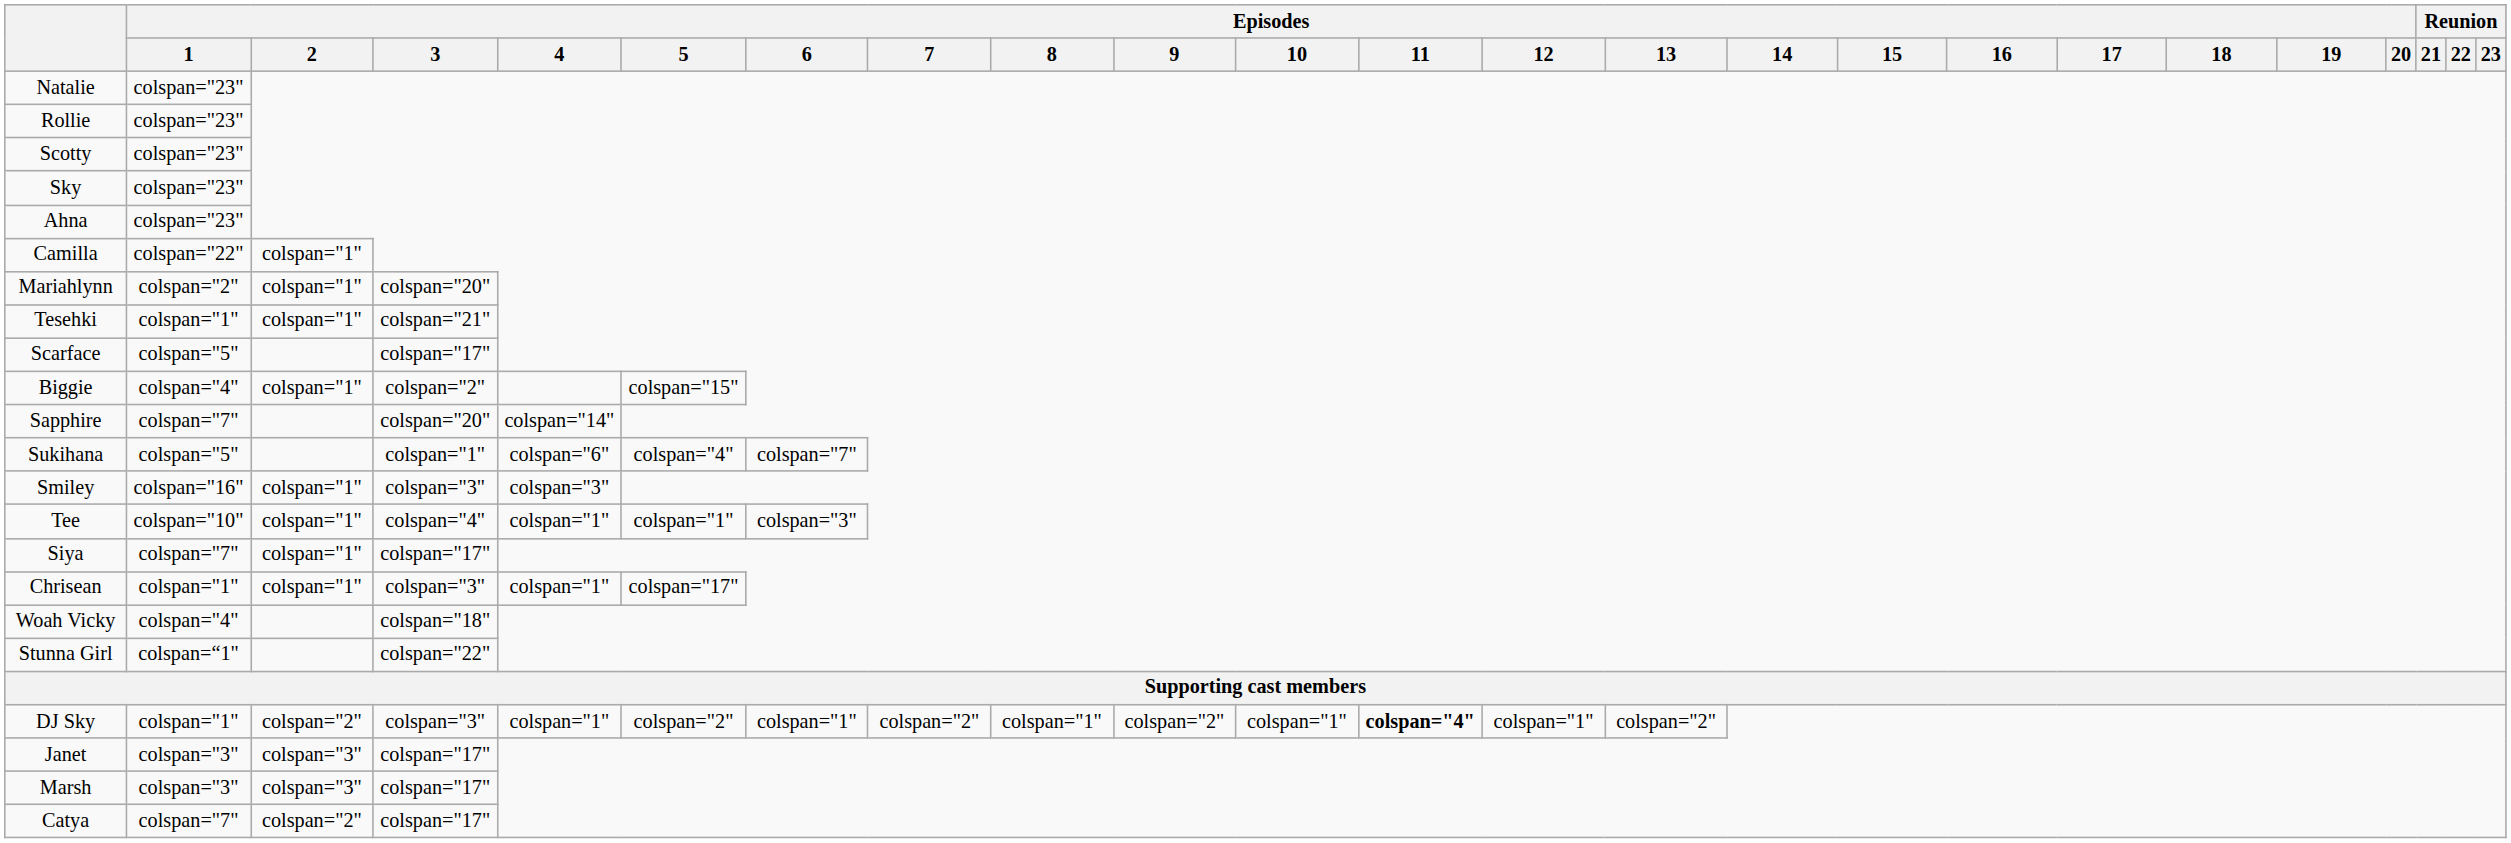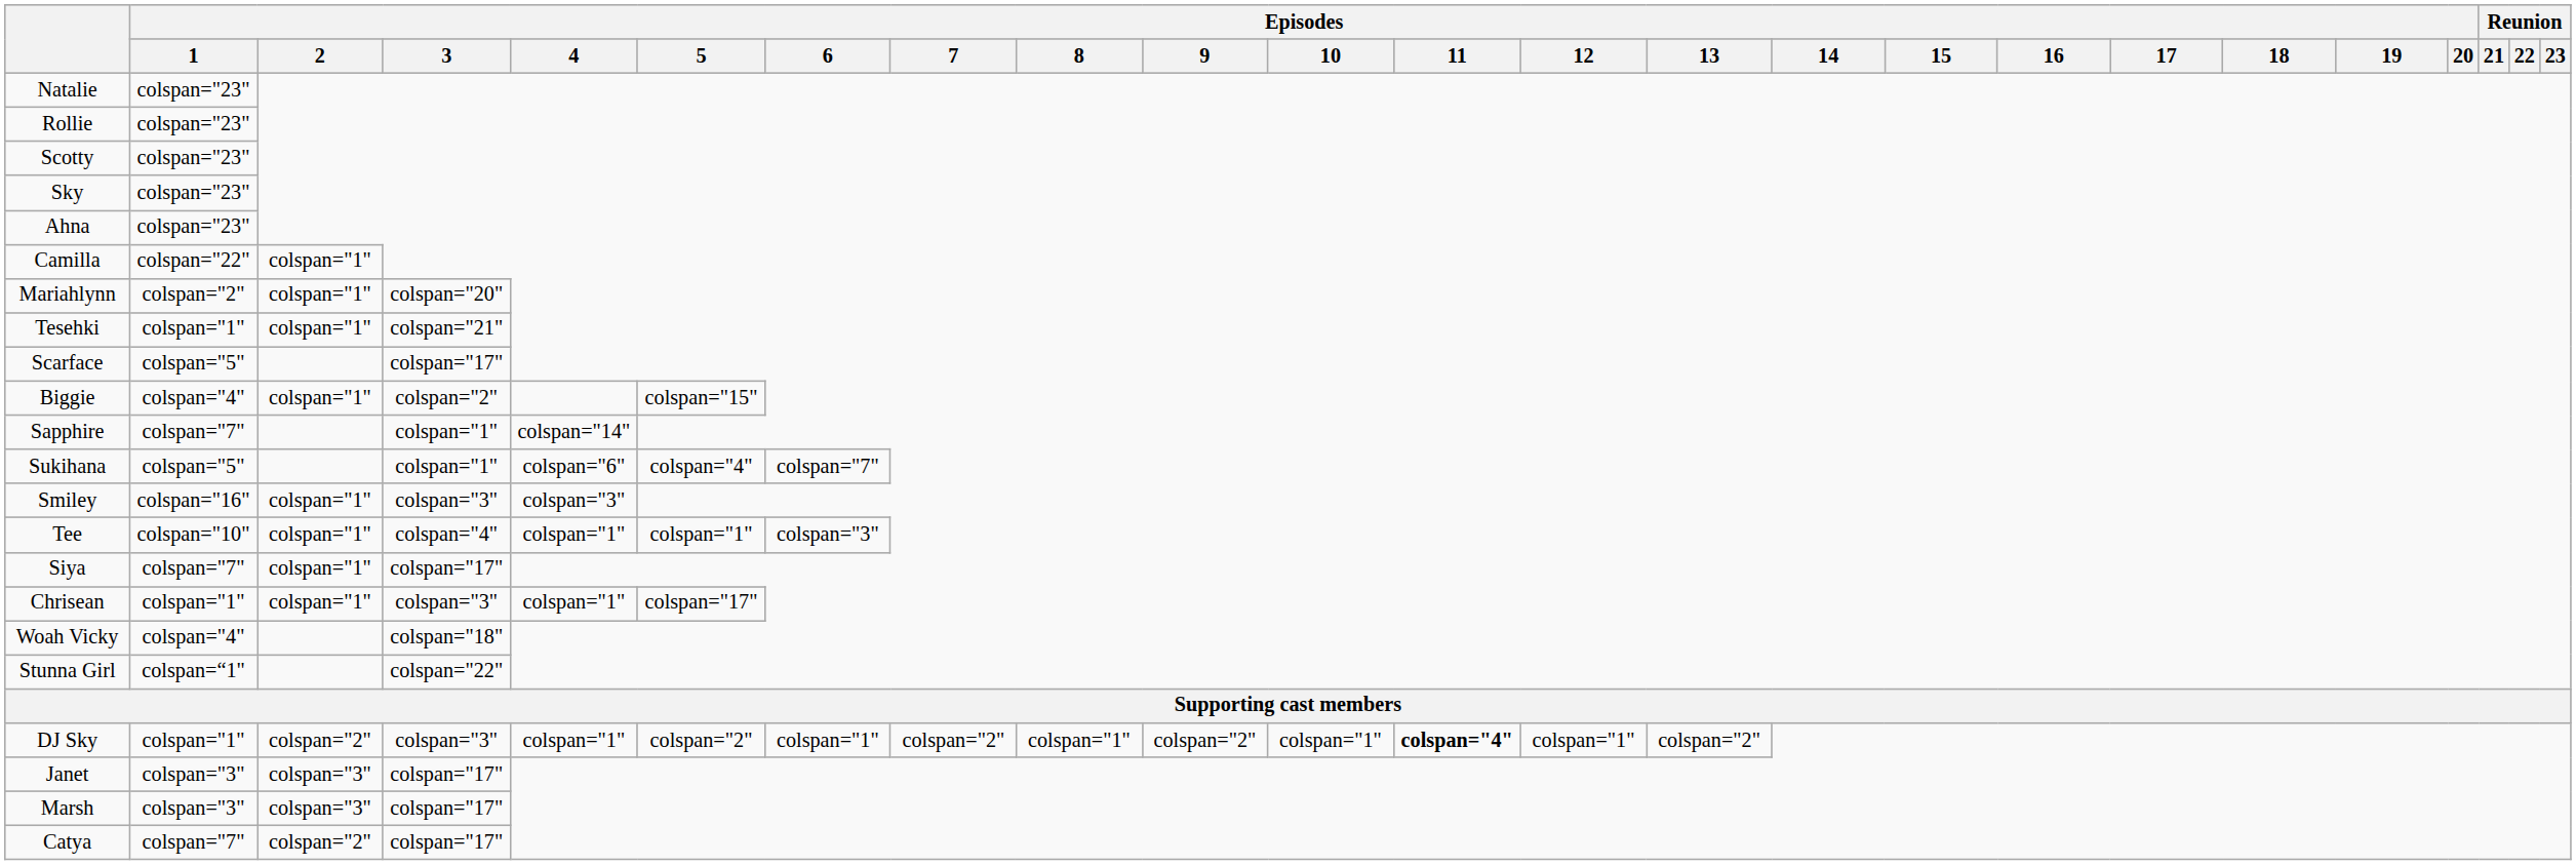 <table class="wikitable plainrowheaders" style="text-align:center; font-size:80%; width:100%">
 <tr>
 <th scope="col" rowspan="2" style="width:5%;"></th>
 <th colspan="20" scope="col">Episodes</th>
 <th scope="col" colspan="3">Reunion</th>
 </tr>
 <tr>
 <th style="width:5%;">1</th>
 <th style="width:5%;">2</th>
 <th style="width:5%;">3</th>
 <th style="width:5%;">4</th>
 <th style="width:5%;">5</th>
 <th style="width:5%;">6</th>
 <th style="width:5%;">7</th>
 <th style="width:5%;">8</th>
 <th style="width:5%;">9</th>
 <th style="width:5%;">10</th>
 <th style="width:5%;">11</th>
 <th style="width:5%;">12</th>
 <th style="width:5%;">13</th>
 <th style="width:5%;">14</th>
 <th style="width:5%;">15</th>
 <th style="width:5%;">16</th>
 <th style="width:5%;">17</th>
 <th style="width:5%;">18</th>
 <th style="width:5%;">19</th>
 <th style="width:5%;">20</th>
 <th style="width:5%;">21</th>
 <th style="width:5%;">22</th>
 <th style="width:5%;">23</th>
 </tr>
 <tr>
 <td scope="row">Natalie</td>
 <td>colspan="23" </td>
 </tr>
 <tr>
 <td scope="row">Rollie</td>
 <td>colspan="23" </td>
 </tr>
 <tr>
 <td scope="row">Scotty</td>
 <td>colspan="23" </td>
 </tr>
 <tr>
 <td scope="row">Sky</td>
 <td>colspan="23" </td>
 </tr>
 <tr>
 <td scope="row">Ahna</td>
 <td>colspan="23" </td>
 </tr>
 <tr>
 <td scope="row">Camilla</td>
 <td>colspan="22" </td>
 <td>colspan="1" </td>
 </tr>
 <tr>
 <td scope="row">Mariahlynn</td>
 <td>colspan="2" </td>
 <td>colspan="1" </td>
 <td>colspan="20" </td>
 </tr>
 <tr>
 <td scope="row">Tesehki</td>
 <td>colspan="1" </td>
 <td>colspan="1" </td>
 <td>colspan="21" </td>
 </tr>
 <tr>
 <td scope="row">Scarface</td>
 <td>colspan="5" </td>
 <td></td>
 <td>colspan="17" </td>
 </tr>
 <tr>
 <td scope="row">Biggie</td>
 <td>colspan="4" </td>
 <td>colspan="1" </td>
 <td>colspan="2" </td>
 <td></td>
 <td>colspan="15" </td>
 </tr>
 <tr>
 <td scope="row">Sapphire</td>
 <td>colspan="7" </td>
 <td></td>
-<td>colspan="20" </td>
+<td>colspan="1" </td>
 <td>colspan="14" </td>
 </tr>
 <tr>
 <td scope="row">Sukihana</td>
 <td>colspan="5" </td>
 <td></td>
 <td>colspan="1" </td>
 <td>colspan="6" </td>
 <td>colspan="4" </td>
 <td>colspan="7" </td>
 </tr>
 <tr>
 <td scope="row">Smiley</td>
 <td>colspan="16" </td>
 <td>colspan="1" </td>
 <td>colspan="3" </td>
 <td>colspan="3" </td>
 </tr>
 <tr>
 <td scope="row">Tee</td>
 <td>colspan="10" </td>
 <td>colspan="1" </td>
 <td>colspan="4" </td>
 <td>colspan="1" </td>
 <td>colspan="1" </td>
 <td>colspan="3" </td>
 </tr>
 <tr>
 <td scope="row">Siya</td>
 <td>colspan="7" </td>
 <td>colspan="1" </td>
 <td>colspan="17" </td>
 </tr>
 <tr>
 <td scope="row">Chrisean</td>
 <td>colspan="1" </td>
 <td>colspan="1" </td>
 <td>colspan="3" </td>
 <td>colspan="1" </td>
 <td>colspan="17" </td>
 </tr>
 <tr>
 <td scope="row">Woah Vicky</td>
 <td>colspan="4" </td>
 <td></td>
 <td>colspan="18" </td>
 </tr>
 <tr>
 <td scope="row">Stunna Girl</td>
 <td>colspan=“1" </td>
 <td></td>
 <td>colspan="22" </td>
 </tr>
 <tr>
 <th colspan="24">Supporting cast members</th>
 </tr>
 <tr>
 <td nowrap>DJ Sky</td>
 <td>colspan="1" </td>
 <td>colspan="2" </td>
 <td>colspan="3" </td>
 <td>colspan="1" </td>
 <td>colspan="2" </td>
 <td>colspan="1" </td>
 <td>colspan="2" </td>
 <td>colspan="1" </td>
 <td>colspan="2" </td>
 <td>colspan="1" </td>
 <td><strong>colspan="4" </strong></td>
 <td>colspan="1" </td>
 <td>colspan="2" </td>
 </tr>
 <tr>
 <td scope="row">Janet</td>
 <td>colspan="3" </td>
 <td>colspan="3" </td>
 <td>colspan="17" </td>
 </tr>
 <tr>
 <td scope="row">Marsh</td>
 <td>colspan="3" </td>
 <td>colspan="3" </td>
 <td>colspan="17" </td>
 </tr>
 <tr>
 <td scope="row">Catya</td>
 <td>colspan="7" </td>
 <td>colspan="2" </td>
 <td>colspan="17" </td>
 </tr>
 </table>
